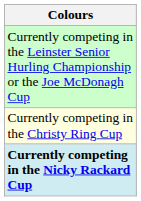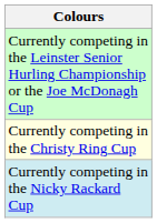 <table class="wikitable">
 <tr>
 <th width="150">Colours</th>
 </tr>
 <tr style="background:#ccffcc">
 <td>Currently competing in the <a href='#'>Leinster Senior Hurling Championship</a> or the <a href='#'>Joe McDonagh Cup</a></td>
 </tr>
 <tr style="background:#FFFFE0">
 <td>Currently competing in the <a href='#'>Christy Ring Cup</a></td>
 </tr>
 <tr style="background:#CEECF2">
-<td><strong>Currently competing in the <a href='#'>Nicky Rackard Cup</a></strong></td>
+<td>Currently competing in the <a href='#'>Nicky Rackard Cup</a></td>
 </tr>
 </table>
